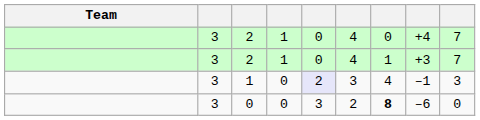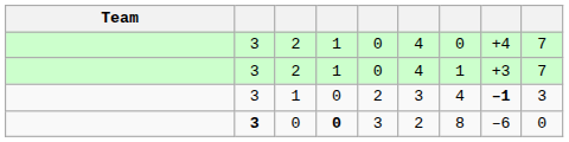 <table class="wikitable" style="text-align: center; font-size: 90%;">
 <tr>
 <th width=165>Team</th>
 <th width=25></th>
 <th width=25></th>
 <th width=25></th>
 <th width=25></th>
 <th width=25></th>
 <th width=25></th>
 <th width=25></th>
 <th width=25></th>
 </tr>
 <tr style="background:#cfc;">
 <td align="left"></td>
 <td>3</td>
 <td>2</td>
 <td>1</td>
 <td>0</td>
 <td>4</td>
 <td>0</td>
 <td>+4</td>
 <td>7</td>
 </tr>
 <tr style="background:#cfc;">
 <td align="left"></td>
 <td>3</td>
 <td>2</td>
 <td>1</td>
 <td>0</td>
 <td>4</td>
 <td>1</td>
 <td>+3</td>
 <td>7</td>
 </tr>
 <tr>
 <td align="left"></td>
 <td>3</td>
 <td>1</td>
 <td>0</td>
-<td style="background: lavender;">2</td>
+<td>2</td>
 <td>3</td>
 <td>4</td>
-<td>–1</td>
+<td><strong>–1</strong></td>
 <td>3</td>
 </tr>
 <tr>
 <td align="left"></td>
-<td>3</td>
+<td><strong>3</strong></td>
 <td>0</td>
-<td>0</td>
+<td><strong>0</strong></td>
 <td>3</td>
 <td>2</td>
-<td><strong>8</strong></td>
+<td>8</td>
 <td>–6</td>
 <td>0</td>
 </tr>
 </table>
